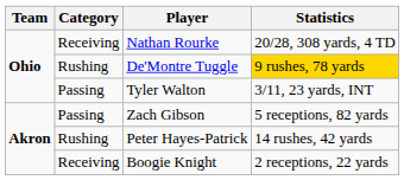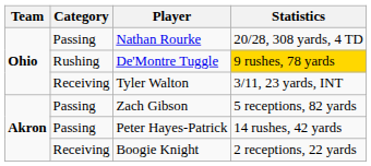 <table class="wikitable" style="float: left;">
 <tr>
 <th>Team</th>
 <th>Category</th>
 <th>Player</th>
 <th>Statistics</th>
 </tr>
 <tr>
 <td rowspan=3><strong>Ohio</strong></td>
-<td>Receiving</td>
+<td>Passing</td>
 <td><a href='#'>Nathan Rourke</a></td>
 <td>20/28, 308 yards, 4 TD</td>
 </tr>
 <tr>
 <td>Rushing</td>
 <td><a href='#'>De'Montre Tuggle</a></td>
 <td style="background: gold;">9 rushes, 78 yards</td>
 </tr>
 <tr>
-<td>Passing</td>
+<td>Receiving</td>
 <td>Tyler Walton</td>
 <td>3/11, 23 yards, INT</td>
 </tr>
 <tr>
 <td rowspan=3><strong>Akron</strong></td>
 <td>Passing</td>
 <td>Zach Gibson</td>
 <td>5 receptions, 82 yards</td>
 </tr>
 <tr>
-<td>Rushing</td>
+<td>Passing</td>
 <td>Peter Hayes-Patrick</td>
 <td>14 rushes, 42 yards</td>
 </tr>
 <tr>
 <td>Receiving</td>
 <td>Boogie Knight</td>
 <td>2 receptions, 22 yards</td>
 </tr>
 </table>
